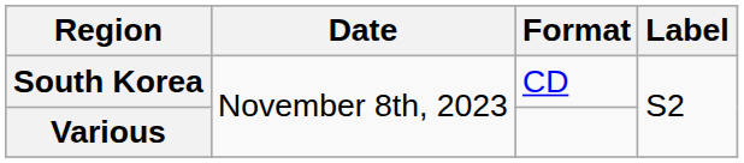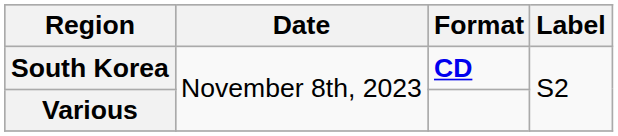 <table class="wikitable plainrowheaders">
 <tr>
 <th scope="col">Region</th>
 <th scope="col">Date</th>
 <th scope="col">Format</th>
 <th scope="col">Label</th>
 </tr>
 <tr>
 <th scope="row">South Korea</th>
 <td rowspan="2">November 8th, 2023</td>
-<td><a href='#'>CD</a></td>
+<td><strong><a href='#'>CD</a></strong></td>
 <td rowspan="2">S2</td>
 </tr>
 <tr>
 <th scope="row">Various</th>
 <td></td>
 </tr>
 </table>
